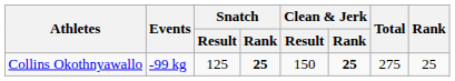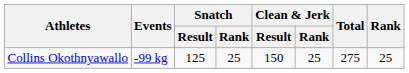 <table class=wikitable style=font-size:90%>
 <tr>
 <th rowspan=2>Athletes</th>
 <th rowspan=2>Events</th>
 <th colspan=2>Snatch</th>
 <th colspan=2>Clean & Jerk</th>
 <th rowspan=2>Total</th>
 <th rowspan=2>Rank</th>
 </tr>
 <tr>
 <th>Result</th>
 <th>Rank</th>
 <th>Result</th>
 <th>Rank</th>
 </tr>
 <tr>
 <td><a href='#'>Collins Okothnyawallo</a></td>
 <td><a href='#'>-99 kg</a></td>
 <td align=center>125</td>
-<td align=center><strong>25</strong></td>
+<td align=center>25</td>
 <td align=center>150</td>
-<td align=center><strong>25</strong></td>
+<td align=center>25</td>
 <td align=center>275</td>
 <td align=center>25</td>
 </tr>
 </table>
